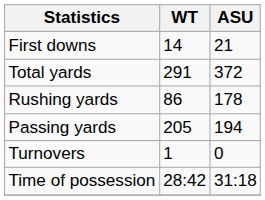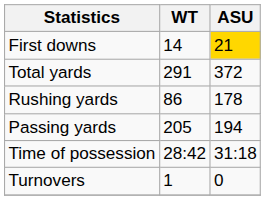 <table class="wikitable" style="float: left;">
 <tr>
 <th>Statistics</th>
 <th>WT</th>
 <th>ASU</th>
 </tr>
 <tr>
 <td>First downs</td>
 <td>14</td>
-<td>21</td>
+<td style="background: gold;">21</td>
 </tr>
 <tr>
 <td>Total yards</td>
 <td>291</td>
 <td>372</td>
 </tr>
 <tr>
 <td>Rushing yards</td>
 <td>86</td>
 <td>178</td>
 </tr>
 <tr>
 <td>Passing yards</td>
 <td>205</td>
 <td>194</td>
 </tr>
 <tr>
+<td>Time of possession</td>
+<td>28:42</td>
+<td>31:18</td>
+</tr>
+<tr>
 <td>Turnovers</td>
 <td>1</td>
 <td>0</td>
 </tr>
 <tr>
-<td>Time of possession</td>
-<td>28:42</td>
-<td>31:18</td>
-</tr>
-<tr>
 </tr>
 </table>
